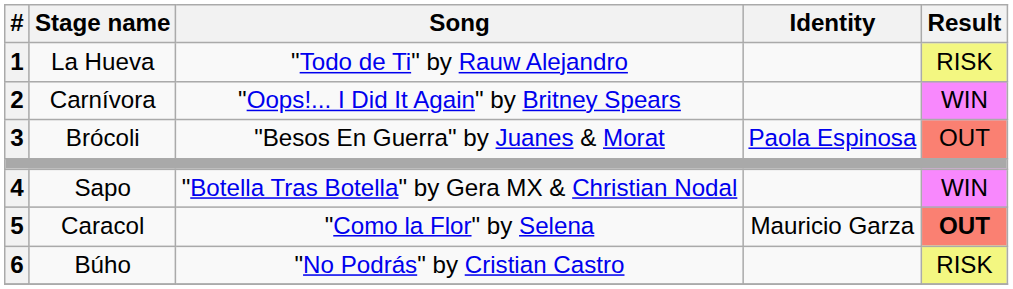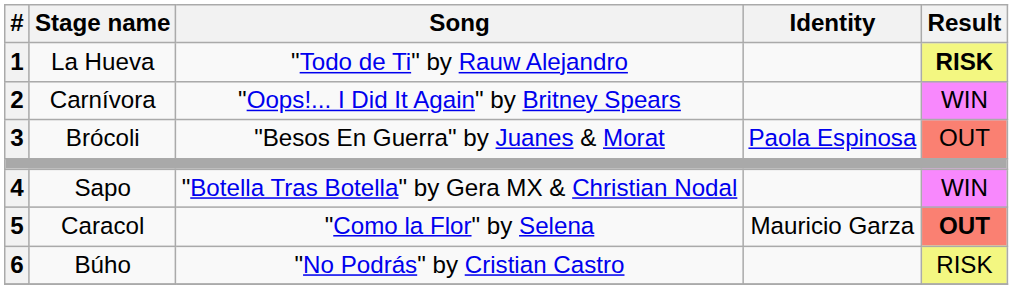 <table class="wikitable plainrowheaders" style="text-align: center;">
 <tr>
 <th>#</th>
 <th>Stage name</th>
 <th>Song</th>
 <th>Identity</th>
 <th>Result</th>
 </tr>
 <tr>
 <th>1</th>
 <td>La Hueva</td>
 <td>"<a href='#'>Todo de Ti</a>" by <a href='#'>Rauw Alejandro</a></td>
 <td></td>
-<td bgcolor=#F3F781>RISK</td>
+<td bgcolor=#F3F781><strong>RISK</strong></td>
 </tr>
 <tr>
 <th>2</th>
 <td>Carnívora</td>
 <td>"<a href='#'>Oops!... I Did It Again</a>" by <a href='#'>Britney Spears</a></td>
 <td></td>
 <td bgcolor=#F888FD>WIN</td>
 </tr>
 <tr>
 <th>3</th>
 <td>Brócoli</td>
 <td>"Besos En Guerra" by <a href='#'>Juanes</a> & <a href='#'>Morat</a></td>
 <td><a href='#'>Paola Espinosa</a></td>
 <td bgcolor=salmon>OUT</td>
 </tr>
 <tr>
 <td colspan="5" style="background:darkgray"></td>
 </tr>
 <tr>
 <th>4</th>
 <td>Sapo</td>
 <td>"<a href='#'>Botella Tras Botella</a>" by Gera MX & <a href='#'>Christian Nodal</a></td>
 <td></td>
 <td bgcolor=#F888FD>WIN</td>
 </tr>
 <tr>
 <th>5</th>
 <td>Caracol</td>
 <td>"<a href='#'>Como la Flor</a>" by <a href='#'>Selena</a></td>
 <td>Mauricio Garza</td>
 <td bgcolor=salmon><strong>OUT</strong></td>
 </tr>
 <tr>
 <th>6</th>
 <td>Búho</td>
 <td>"<a href='#'>No Podrás</a>" by <a href='#'>Cristian Castro</a></td>
 <td></td>
 <td bgcolor=#F3F781>RISK</td>
 </tr>
 <tr>
 </tr>
 </table>
